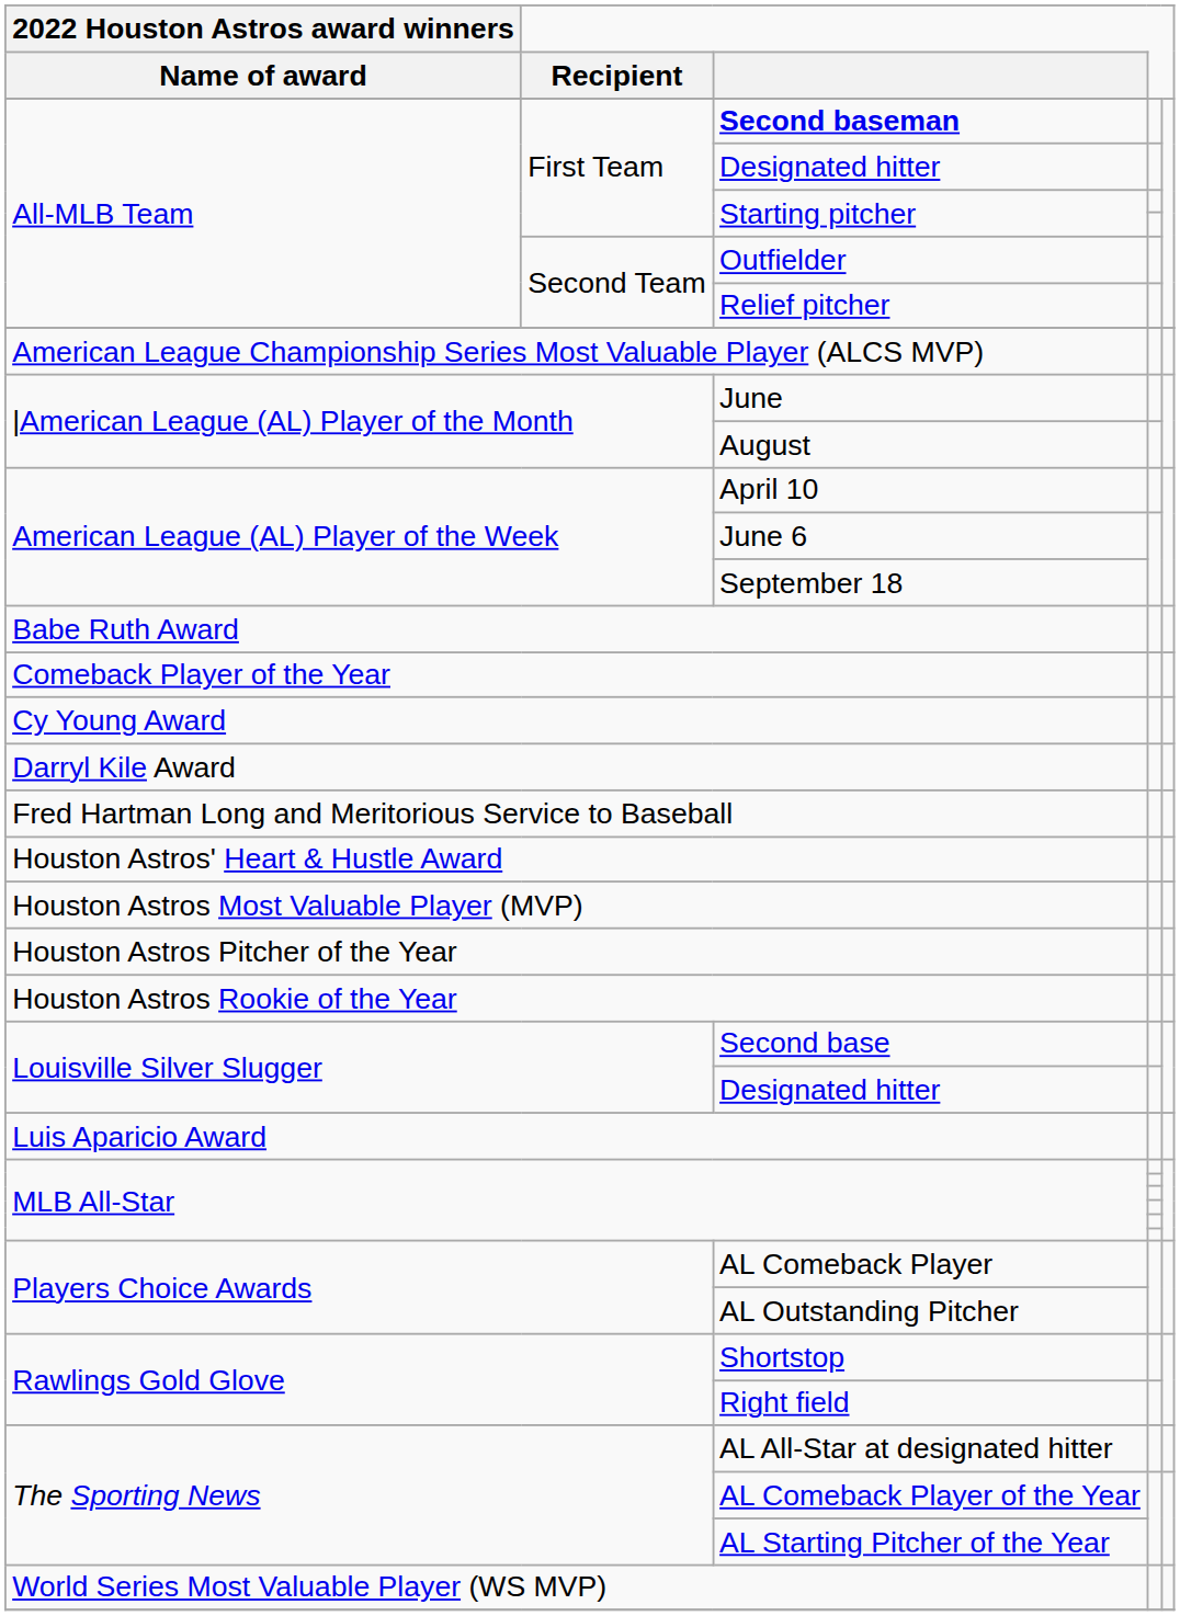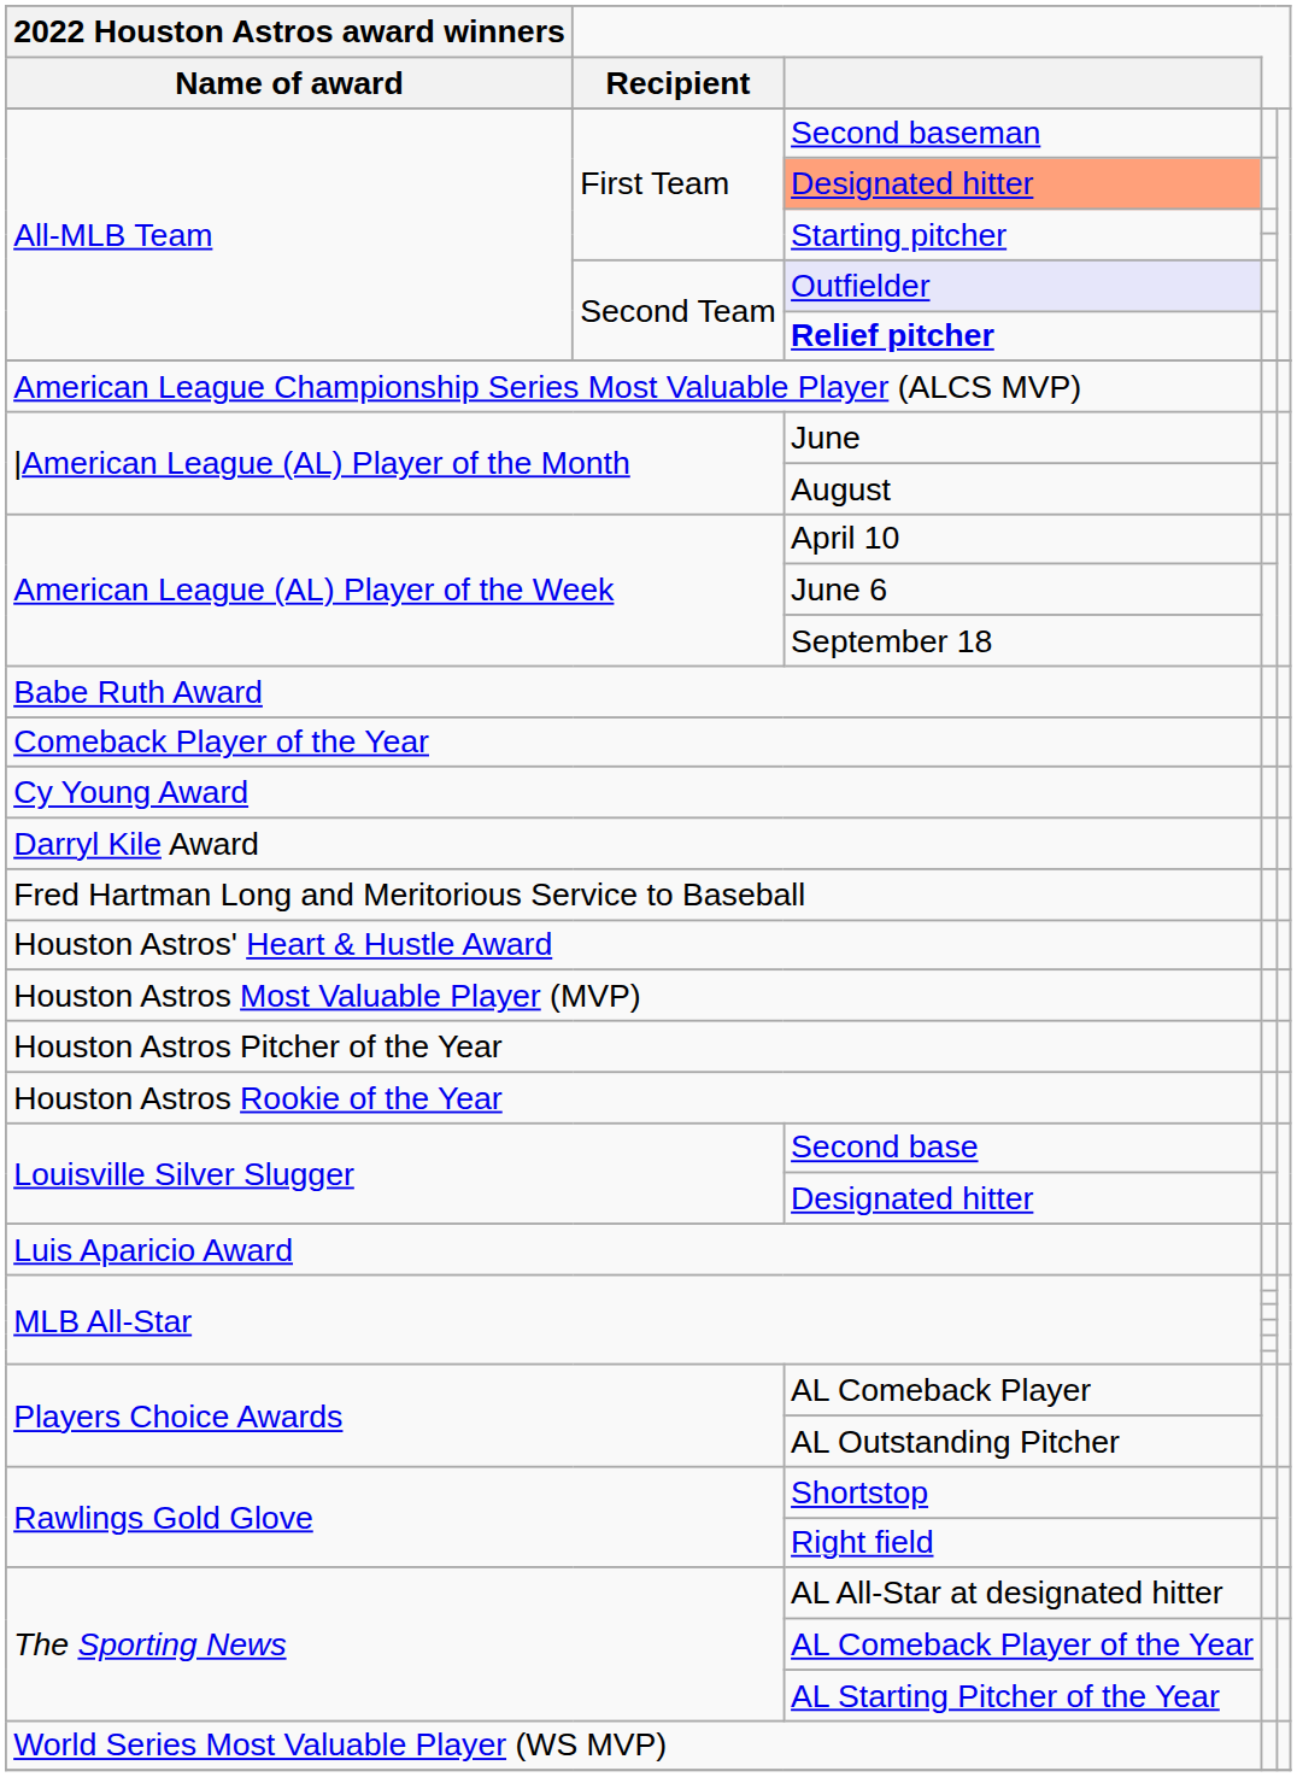 <table class="wikitable sortable" margin: 5px; text-align: center; style="font-size: 90%">
 <tr>
 <th><strong>2022 Houston Astros award winners</strong></th>
 </tr>
 <tr>
 <th>Name of award</th>
 <th>Recipient</th>
 <th></th>
 </tr>
 <tr>
 </tr>
 <tr>
 <td rowspan="6"><a href='#'>All-MLB Team</a></td>
 <td rowspan="4">First Team</td>
-<td><strong><a href='#'>Second baseman</a></strong></td>
+<td><a href='#'>Second baseman</a></td>
 <td align="center"></td>
 <td rowspan="6" align="center"></td>
 </tr>
 <tr>
-<td><a href='#'>Designated hitter</a></td>
+<td style="background: lightsalmon;"><a href='#'>Designated hitter</a></td>
 <td align="center"></td>
 </tr>
 <tr>
 <td rowspan="2"><a href='#'>Starting pitcher</a></td>
 <td align="center"></td>
 </tr>
 <tr>
 <td align="center"></td>
 </tr>
 <tr>
 <td rowspan="2">Second Team</td>
-<td><a href='#'>Outfielder</a></td>
+<td style="background: lavender;"><a href='#'>Outfielder</a></td>
 <td align="center"></td>
 </tr>
 <tr>
-<td><a href='#'>Relief pitcher</a></td>
+<td><strong><a href='#'>Relief pitcher</a></strong></td>
 <td align="center"></td>
 </tr>
 <tr>
 </tr>
 <tr>
 <td colspan="3"><a href='#'>American League Championship Series Most Valuable Player</a> (ALCS MVP)</td>
 <td align="center"></td>
 <td align="center"></td>
 </tr>
 <tr>
 <td rowspan="2" colspan="2">|<a href='#'>American League (AL) Player of the Month</a></td>
 <td>June</td>
 <td align="center"></td>
 <td rowspan="2" align="center"></td>
 </tr>
 <tr>
 <td>August</td>
 <td align="center"></td>
 </tr>
 <tr>
 <td rowspan="3" colspan="2"><a href='#'>American League (AL) Player of the Week</a></td>
 <td>April 10</td>
 <td align="center"></td>
 <td rowspan="3" align="center"></td>
 </tr>
 <tr>
 <td>June 6</td>
 <td rowspan="2" align="center"></td>
 </tr>
 <tr>
 <td>September 18</td>
 </tr>
 <tr>
 <td colspan="3"><a href='#'>Babe Ruth Award</a></td>
 <td align="center"></td>
 <td align="center"></td>
 </tr>
 <tr>
 <td colspan="3"><a href='#'>Comeback Player of the Year</a></td>
 <td align="center"></td>
 <td align="center"></td>
 </tr>
 <tr>
 <td colspan="3"><a href='#'>Cy Young Award</a></td>
 <td align="center"></td>
 <td align="center"></td>
 </tr>
 <tr>
 <td colspan="3"><a href='#'>Darryl Kile</a> Award</td>
 <td align="center"></td>
 <td align="center"></td>
 </tr>
 <tr>
 <td colspan="3">Fred Hartman Long and Meritorious Service to Baseball</td>
 <td align="center"></td>
 <td align="center"></td>
 </tr>
 <tr>
 <td colspan="3">Houston Astros' <a href='#'>Heart & Hustle Award</a></td>
 <td align="center"></td>
 <td align="center"></td>
 </tr>
 <tr>
 <td colspan="3">Houston Astros <a href='#'>Most Valuable Player</a> (MVP)</td>
 <td align="center"></td>
 <td align="center"></td>
 </tr>
 <tr>
 <td colspan="3">Houston Astros Pitcher of the Year</td>
 <td align="center"></td>
 <td align="center"></td>
 </tr>
 <tr>
 <td colspan="3">Houston Astros <a href='#'>Rookie of the Year</a></td>
 <td align="center"></td>
 <td align="center"></td>
 </tr>
 <tr>
 <td rowspan="2" colspan="2"><a href='#'>Louisville Silver Slugger</a></td>
 <td><a href='#'>Second base</a></td>
 <td align="center"></td>
 <td align="center" rowspan="2"></td>
 </tr>
 <tr>
 <td><a href='#'>Designated hitter</a></td>
 <td align="center"></td>
 </tr>
 <tr>
 <td colspan="3"><a href='#'>Luis Aparicio Award</a></td>
 <td align="center"></td>
 <td align="center"></td>
 </tr>
 <tr>
 <td rowspan="6" colspan="3"><a href='#'>MLB All-Star</a></td>
 <td align="center"></td>
 <td rowspan="6" align="center"></td>
 </tr>
 <tr>
 <td align="center"></td>
 </tr>
 <tr>
 <td align="center"></td>
 </tr>
 <tr>
 <td align="center"></td>
 </tr>
 <tr>
 <td align="center"></td>
 </tr>
 <tr>
 <td align="center"></td>
 </tr>
 <tr>
 <td rowspan="2" colspan="2"><a href='#'>Players Choice Awards</a></td>
 <td>AL Comeback Player</td>
 <td align="center" rowspan="2"></td>
 <td align="center" rowspan="2"></td>
 </tr>
 <tr>
 <td>AL Outstanding Pitcher</td>
 </tr>
 <tr>
 <td rowspan="2" colspan="2"><a href='#'>Rawlings Gold Glove</a></td>
 <td><a href='#'>Shortstop</a></td>
 <td align="center"></td>
 <td align="center" rowspan="2"></td>
 </tr>
 <tr>
 <td><a href='#'>Right field</a></td>
 <td align="center"></td>
 </tr>
 <tr>
 <td rowspan="3"  colspan="2"><em>The <a href='#'>Sporting News</a></em></td>
 <td>AL All-Star at designated hitter</td>
 <td align="center"></td>
 <td align="center"></td>
 </tr>
 <tr>
 <td><a href='#'>AL Comeback Player of the Year</a></td>
 <td align="center" rowspan="2"></td>
 <td align="center" rowspan="2"></td>
 </tr>
 <tr>
 <td><a href='#'>AL Starting Pitcher of the Year</a></td>
 </tr>
 <tr>
 <td colspan="3"><a href='#'>World Series Most Valuable Player</a> (WS MVP)</td>
 <td align="center"></td>
 <td align="center"></td>
 </tr>
 <tr>
 </tr>
 </table>
